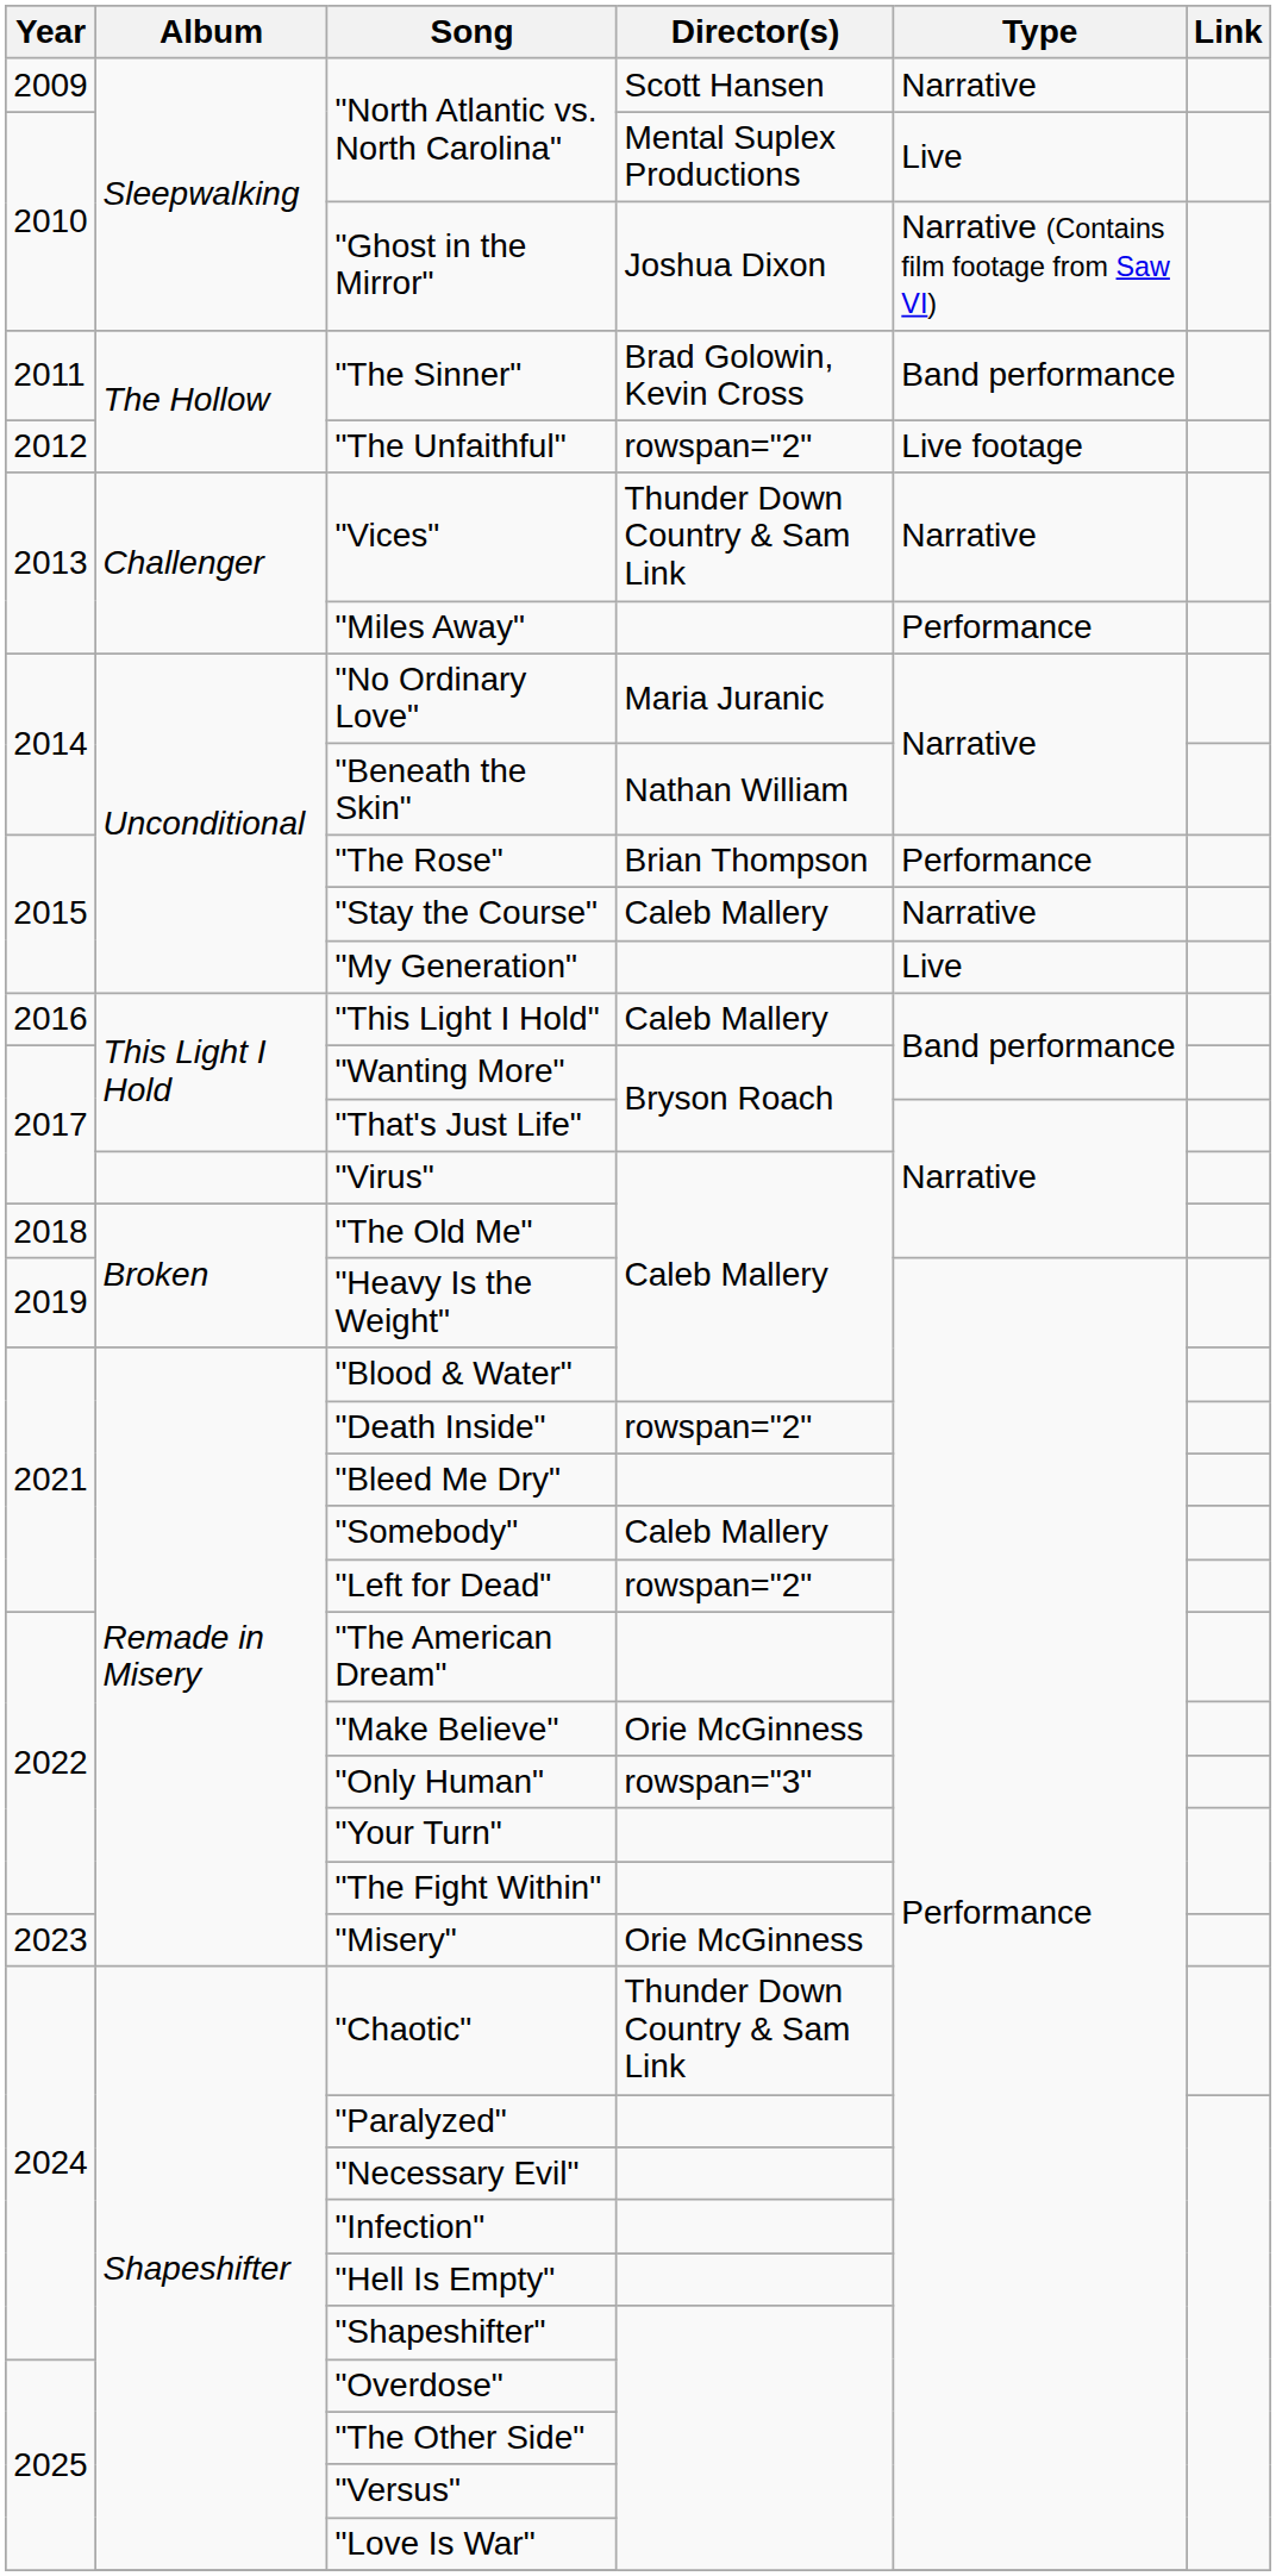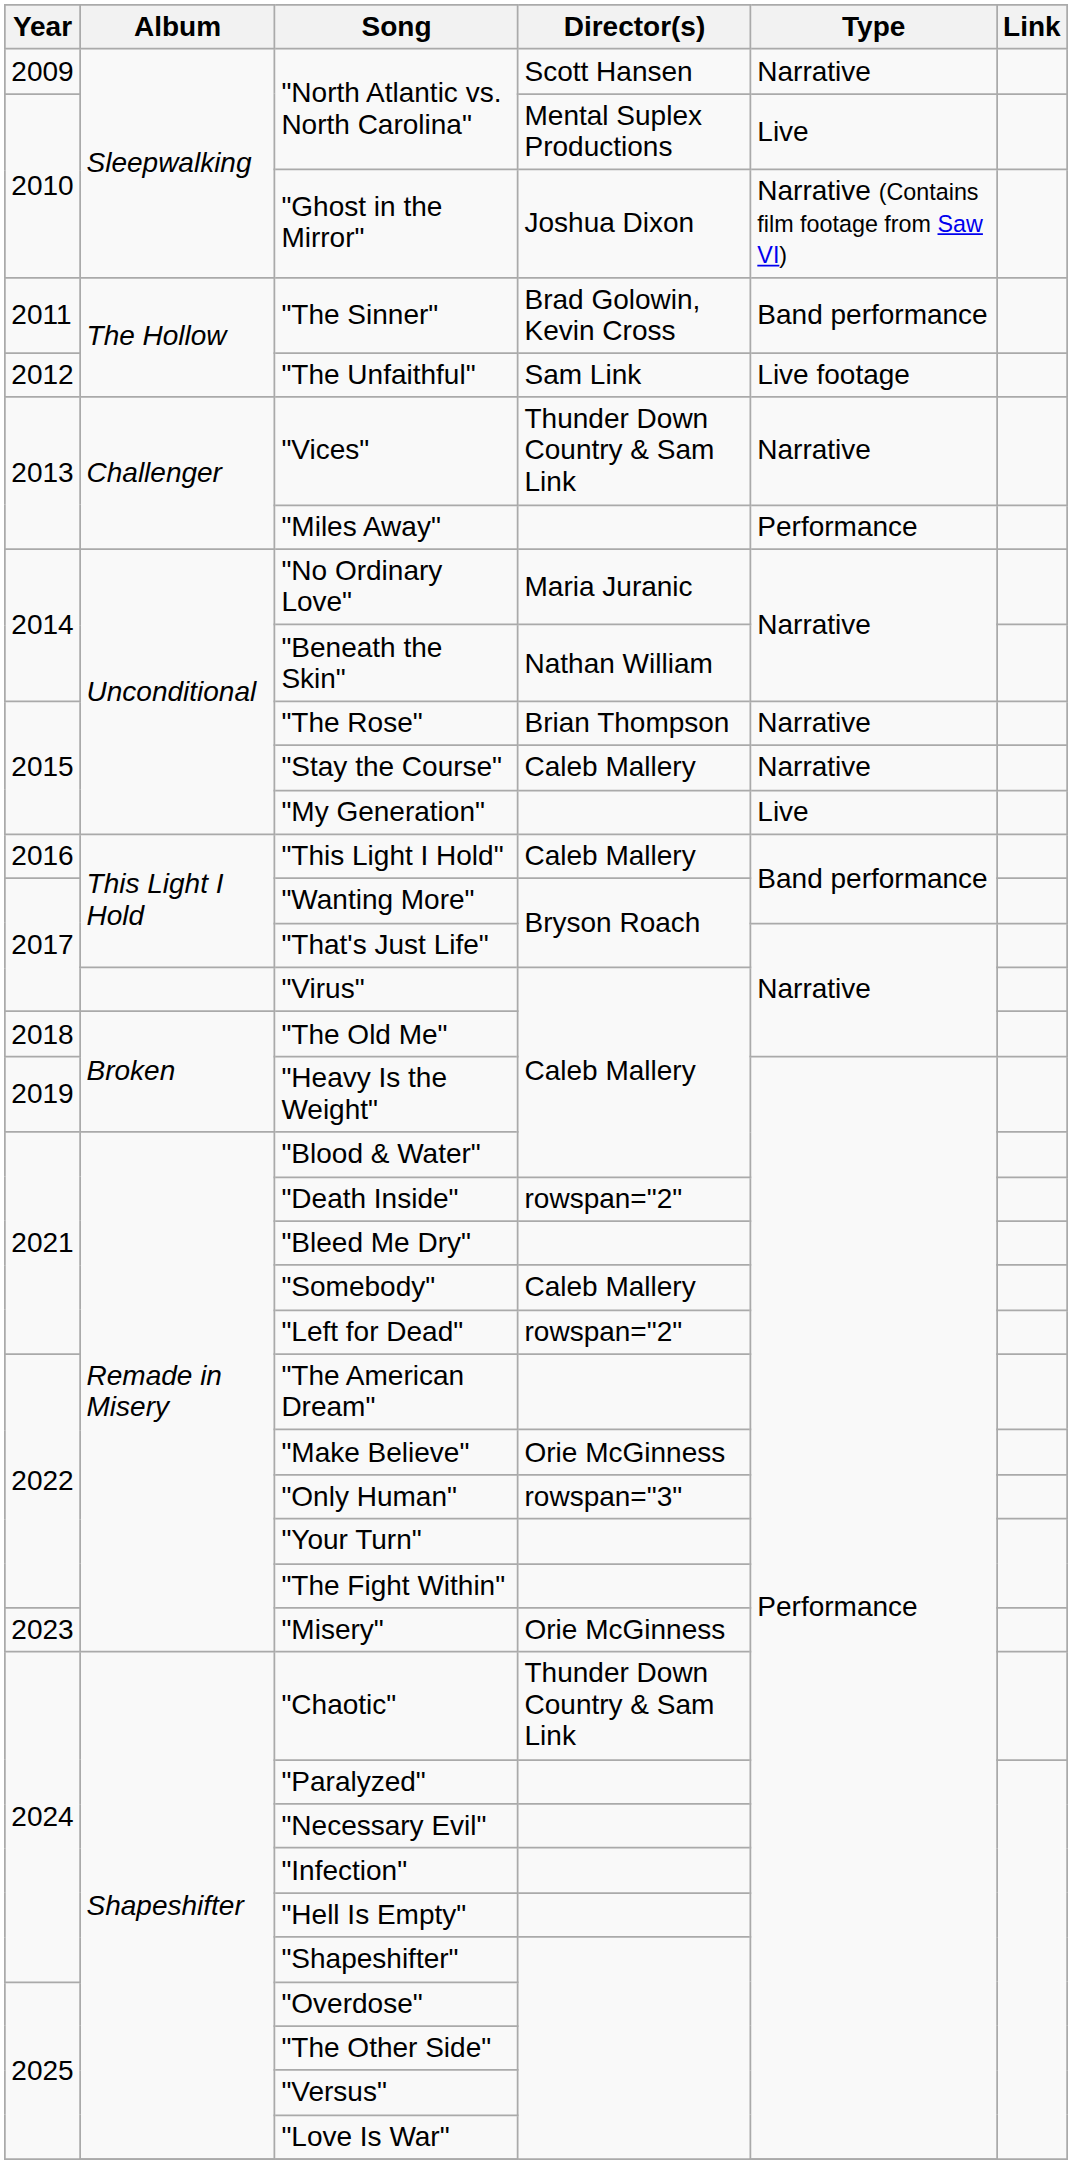 <table class="wikitable">
 <tr>
 <th>Year</th>
 <th>Album</th>
 <th>Song</th>
 <th>Director(s)</th>
 <th>Type</th>
 <th>Link</th>
 </tr>
 <tr>
 <td>2009</td>
 <td rowspan=3><em>Sleepwalking</em></td>
 <td rowspan=2>"North Atlantic vs. North Carolina"</td>
 <td>Scott Hansen</td>
 <td>Narrative</td>
 <td></td>
 </tr>
 <tr>
 <td rowspan=2>2010</td>
 <td>Mental Suplex Productions</td>
 <td>Live</td>
 <td></td>
 </tr>
 <tr>
 <td>"Ghost in the Mirror"</td>
 <td>Joshua Dixon</td>
 <td>Narrative <small>(Contains film footage from <a href='#'>Saw VI</a>)</small></td>
 <td></td>
 </tr>
 <tr>
 <td>2011</td>
 <td rowspan=2><em>The Hollow</em></td>
 <td>"The Sinner"</td>
 <td>Brad Golowin, Kevin Cross</td>
 <td>Band performance</td>
 <td></td>
 </tr>
 <tr>
 <td>2012</td>
 <td>"The Unfaithful"</td>
-<td>rowspan="2" </td>
+<td>Sam Link</td>
 <td>Live footage</td>
 <td></td>
 </tr>
 <tr>
 <td rowspan=2>2013</td>
 <td rowspan=2><em>Challenger</em></td>
 <td>"Vices"</td>
 <td>Thunder Down Country & Sam Link</td>
 <td>Narrative</td>
 <td></td>
 </tr>
 <tr>
 <td>"Miles Away"</td>
 <td></td>
 <td>Performance</td>
 <td></td>
 </tr>
 <tr>
 <td rowspan=2>2014</td>
 <td rowspan=5><em>Unconditional</em></td>
 <td>"No Ordinary Love"</td>
 <td>Maria Juranic</td>
 <td rowspan="2">Narrative</td>
 <td></td>
 </tr>
 <tr>
 <td>"Beneath the Skin"</td>
 <td>Nathan William</td>
 <td></td>
 </tr>
 <tr>
 <td rowspan=3>2015</td>
 <td>"The Rose"</td>
 <td>Brian Thompson</td>
-<td>Performance</td>
+<td>Narrative</td>
 <td></td>
 </tr>
 <tr>
 <td>"Stay the Course"</td>
 <td>Caleb Mallery</td>
 <td>Narrative</td>
 <td url=https://www.youtube.com/watch?v=Wc_Fa6BoQrw></td>
 </tr>
 <tr>
 <td>"My Generation"</td>
 <td></td>
 <td>Live</td>
 <td url=https://www.youtube.com/watch?v=HiDUQ0g561Q></td>
 </tr>
 <tr>
 <td>2016</td>
 <td rowspan=3><em>This Light I Hold</em></td>
 <td>"This Light I Hold"</td>
 <td>Caleb Mallery</td>
 <td rowspan="2">Band performance</td>
 <td></td>
 </tr>
 <tr>
 <td rowspan="3">2017</td>
 <td>"Wanting More"</td>
 <td rowspan="2">Bryson Roach</td>
 <td></td>
 </tr>
 <tr>
 <td>"That's Just Life"</td>
 <td rowspan="3">Narrative</td>
 <td></td>
 </tr>
 <tr>
 <td></td>
 <td>"Virus"</td>
 <td rowspan="4">Caleb Mallery</td>
 <td></td>
 </tr>
 <tr>
 <td>2018</td>
 <td rowspan="2"><em>Broken</em></td>
 <td>"The Old Me"</td>
 <td></td>
 </tr>
 <tr>
 <td>2019</td>
 <td>"Heavy Is the Weight"</td>
 <td rowspan="22">Performance</td>
 <td></td>
 </tr>
 <tr>
 <td rowspan="5">2021</td>
 <td rowspan="11"><em>Remade in Misery</em></td>
 <td>"Blood & Water"</td>
 <td></td>
 </tr>
 <tr>
 <td>"Death Inside"</td>
 <td>rowspan="2" </td>
 <td></td>
 </tr>
 <tr>
 <td>"Bleed Me Dry"</td>
 <td></td>
 </tr>
 <tr>
 <td>"Somebody"</td>
 <td>Caleb Mallery</td>
 <td></td>
 </tr>
 <tr>
 <td>"Left for Dead"</td>
 <td>rowspan="2" </td>
 <td></td>
 </tr>
 <tr>
 <td rowspan="5">2022</td>
 <td>"The American Dream"</td>
 <td></td>
 </tr>
 <tr>
 <td>"Make Believe"</td>
 <td>Orie McGinness</td>
 <td></td>
 </tr>
 <tr>
 <td>"Only Human"</td>
 <td>rowspan="3" </td>
 <td></td>
 </tr>
 <tr>
 <td>"Your Turn"</td>
 <td></td>
 </tr>
 <tr>
 <td>"The Fight Within"</td>
 <td></td>
 </tr>
 <tr>
 <td>2023</td>
 <td>"Misery"</td>
 <td>Orie McGinness</td>
 <td></td>
 </tr>
 <tr>
 <td rowspan="6">2024</td>
 <td rowspan="10"><em>Shapeshifter</em></td>
 <td>"Chaotic"</td>
 <td>Thunder Down Country & Sam Link</td>
 <td></td>
 </tr>
 <tr>
 <td>"Paralyzed"</td>
 <td></td>
 </tr>
 <tr>
 <td>"Necessary Evil"</td>
 <td></td>
 </tr>
 <tr>
 <td>"Infection"</td>
 <td></td>
 </tr>
 <tr>
 <td>"Hell Is Empty"</td>
 <td></td>
 </tr>
 <tr>
 <td>"Shapeshifter"</td>
 </tr>
 <tr>
 <td rowspan="5">2025</td>
 <td>"Overdose"</td>
 </tr>
 <tr>
 <td>"The Other Side"</td>
 </tr>
 <tr>
 <td>"Versus"</td>
 </tr>
 <tr>
 <td>"Love Is War"</td>
 </tr>
 <tr>
 </tr>
 </table>
